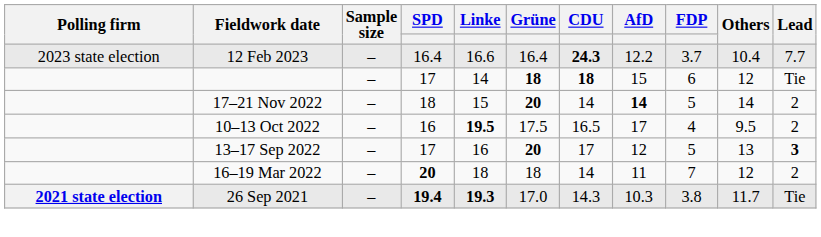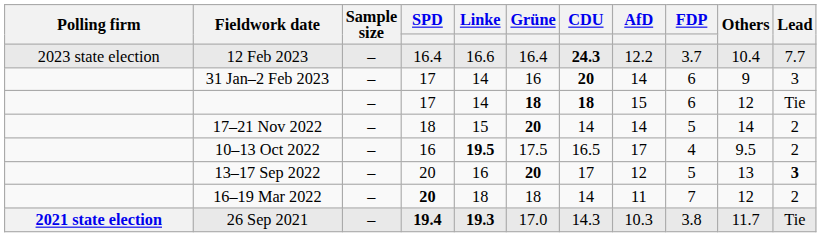 <table class="wikitable sortable" style="text-align:center;font-size:90%;line-height:14px;">
 <tr>
 <th rowspan="2" style="width:160px;">Polling firm</th>
 <th rowspan="2" style="width:125px;">Fieldwork date</th>
 <th rowspan="2" style="width:35px;">Sample<br>size</th>
 <th class="unsortable" style="width:40px;"><a href='#'>SPD</a></th>
 <th class="unsortable" style="width:40px;"><a href='#'>Linke</a></th>
 <th class="unsortable" style="width:40px;"><a href='#'>Grüne</a></th>
 <th class="unsortable" style="width:40px;"><a href='#'>CDU</a></th>
 <th class="unsortable" style="width:40px;"><a href='#'>AfD</a></th>
 <th class="unsortable" style="width:40px;"><a href='#'>FDP</a></th>
 <th rowspan="2" class="unsortable" style="width:40px;">Others</th>
 <th rowspan="2" style="width:30px;">Lead</th>
 </tr>
 <tr>
 <th style="background:"></th>
 <th style="background:"></th>
 <th style="background:"></th>
 <th style="background:"></th>
 <th style="background:"></th>
 <th style="background:"></th>
 </tr>
 <tr style="background:#E9E9E9;">
 <td>2023 state election</td>
 <td>12 Feb 2023</td>
 <td>–</td>
 <td>16.4</td>
 <td>16.6</td>
 <td>16.4</td>
 <td><strong>24.3</strong></td>
 <td>12.2</td>
 <td>3.7</td>
 <td>10.4</td>
 <td style="background:">7.7</td>
 </tr>
 <tr>
 <td></td>
+<td data-sort-value="2023-02-02">31 Jan–2 Feb 2023</td>
+<td>–</td>
+<td>17</td>
+<td>14</td>
+<td>16</td>
+<td><strong>20</strong></td>
+<td>14</td>
+<td>6</td>
+<td>9</td>
+<td style="background:">3</td>
+</tr>
+<tr>
+<td></td>
 <td></td>
 <td>–</td>
 <td>17</td>
 <td>14</td>
 <td><strong>18</strong></td>
 <td><strong>18</strong></td>
 <td>15</td>
 <td>6</td>
 <td>12</td>
 <td>Tie</td>
 </tr>
 <tr>
 <td></td>
 <td data-sort-value="2022-11-21">17–21 Nov 2022</td>
 <td>–</td>
 <td>18</td>
 <td>15</td>
 <td><strong>20</strong></td>
 <td>14</td>
-<td><strong>14</strong></td>
+<td>14</td>
 <td>5</td>
 <td>14</td>
 <td style="background:">2</td>
 </tr>
 <tr>
 <td></td>
 <td data-sort-value="2022-10-13">10–13 Oct 2022</td>
 <td>–</td>
 <td>16</td>
 <td><strong>19.5</strong></td>
 <td>17.5</td>
 <td>16.5</td>
 <td>17</td>
 <td>4</td>
 <td>9.5</td>
 <td style="background:">2</td>
 </tr>
 <tr>
 <td></td>
 <td data-sort-value="2022-09-17">13–17 Sep 2022</td>
 <td>–</td>
-<td>17</td>
+<td>20</td>
 <td>16</td>
 <td><strong>20</strong></td>
 <td>17</td>
 <td>12</td>
 <td>5</td>
 <td>13</td>
 <td style="background:"><strong>3</strong></td>
 </tr>
 <tr>
 <td></td>
 <td data-sort-value="2022-03-19">16–19 Mar 2022</td>
 <td>–</td>
 <td><strong>20</strong></td>
 <td>18</td>
 <td>18</td>
 <td>14</td>
 <td>11</td>
 <td>7</td>
 <td>12</td>
 <td style="background:">2</td>
 </tr>
 <tr style="background:#E9E9E9;">
 <th><a href='#'>2021 state election</a></th>
 <td>26 Sep 2021</td>
 <td>–</td>
 <td><strong>19.4</strong></td>
 <td><strong>19.3</strong></td>
 <td>17.0</td>
 <td>14.3</td>
 <td>10.3</td>
 <td>3.8</td>
 <td>11.7</td>
 <td>Tie</td>
 </tr>
 </table>
